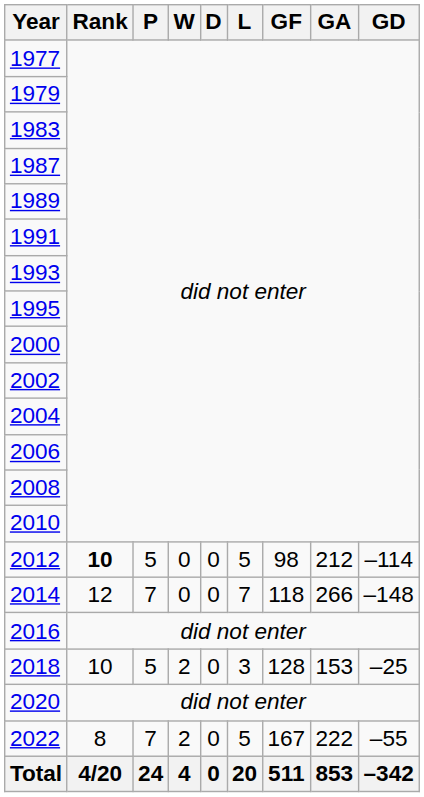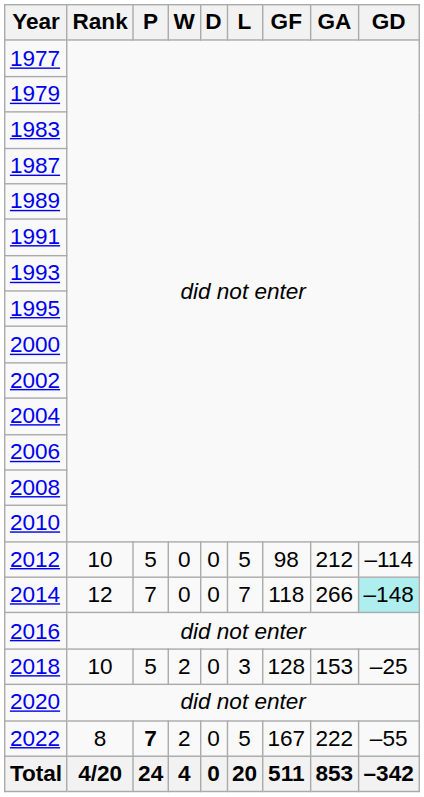 <table class="wikitable sortable" style="text-align:center">
 <tr>
 <th>Year</th>
 <th>Rank</th>
 <th>P</th>
 <th>W</th>
 <th>D</th>
 <th>L</th>
 <th>GF</th>
 <th>GA</th>
 <th>GD</th>
 </tr>
 <tr>
 <td align=left><a href='#'>1977</a> </td>
 <td colspan=8 rowspan=14><em>did not enter</em></td>
 </tr>
 <tr>
 <td align=left><a href='#'>1979</a> </td>
 </tr>
 <tr>
 <td align=left><a href='#'>1983</a> </td>
 </tr>
 <tr>
 <td align=left><a href='#'>1987</a> </td>
 </tr>
 <tr>
 <td align=left><a href='#'>1989</a> </td>
 </tr>
 <tr>
 <td align=left><a href='#'>1991</a> </td>
 </tr>
 <tr>
 <td align=left><a href='#'>1993</a> </td>
 </tr>
 <tr>
 <td align=left><a href='#'>1995</a> </td>
 </tr>
 <tr>
 <td align=left><a href='#'>2000</a> </td>
 </tr>
 <tr>
 <td align=left><a href='#'>2002</a> </td>
 </tr>
 <tr>
 <td align=left><a href='#'>2004</a> </td>
 </tr>
 <tr>
 <td align=left><a href='#'>2006</a> </td>
 </tr>
 <tr>
 <td align=left><a href='#'>2008</a> </td>
 </tr>
 <tr>
 <td align=left><a href='#'>2010</a> </td>
 </tr>
 <tr>
 <td align=left><a href='#'>2012</a> </td>
-<td><strong>10</strong></td>
+<td>10</td>
 <td>5</td>
 <td>0</td>
 <td>0</td>
 <td>5</td>
 <td>98</td>
 <td>212</td>
 <td>–114</td>
 </tr>
 <tr>
 <td align=left><a href='#'>2014</a> </td>
 <td>12</td>
 <td>7</td>
 <td>0</td>
 <td>0</td>
 <td>7</td>
 <td>118</td>
 <td>266</td>
-<td>–148</td>
+<td style="background: paleturquoise;">–148</td>
 </tr>
 <tr>
 <td align=left><a href='#'>2016</a> </td>
 <td colspan=8><em>did not enter</em></td>
 </tr>
 <tr>
 <td align=left><a href='#'>2018</a> </td>
 <td>10</td>
 <td>5</td>
 <td>2</td>
 <td>0</td>
 <td>3</td>
 <td>128</td>
 <td>153</td>
 <td>–25</td>
 </tr>
 <tr>
 <td align=left><a href='#'>2020</a> </td>
 <td colspan=8><em>did not enter</em></td>
 </tr>
 <tr>
 <td align=left><a href='#'>2022</a> </td>
 <td>8</td>
-<td>7</td>
+<td><strong>7</strong></td>
 <td>2</td>
 <td>0</td>
 <td>5</td>
 <td>167</td>
 <td>222</td>
 <td>–55</td>
 </tr>
 <tr>
 <th align=center>Total</th>
 <th>4/20</th>
 <th>24</th>
 <th>4</th>
 <th>0</th>
 <th>20</th>
 <th>511</th>
 <th>853</th>
 <th>–342</th>
 </tr>
 </table>
